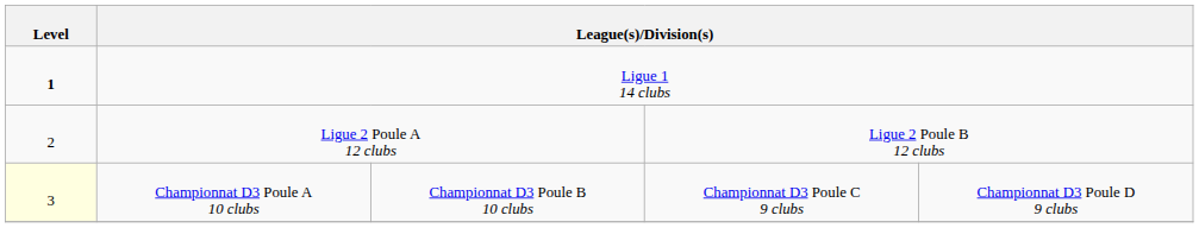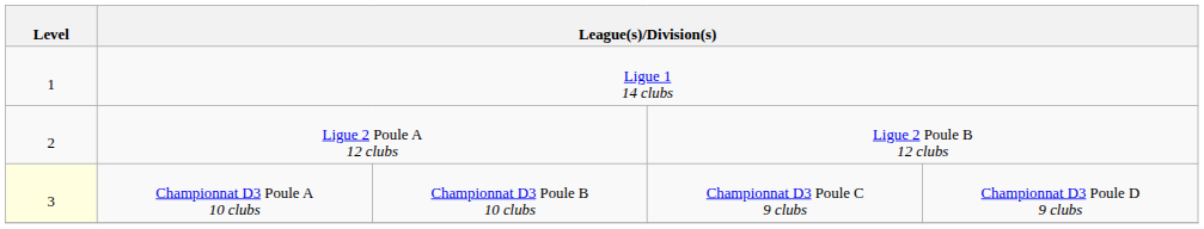 <table class="wikitable" style="text-align: center;">
 <tr>
 <th colspan="1" width="4%"><br>Level</th>
 <th colspan="8" width="96%"><br>League(s)/Division(s)</th>
 </tr>
 <tr>
-<td colspan="1" width="4%"><strong><br>1</strong></td>
+<td colspan="1" width="4%"><br>1</td>
 <td colspan="8" width="96%"><br><a href='#'>Ligue 1</a><br> <em>14 clubs</em></td>
 </tr>
 <tr>
 <td colspan="1" width="4%"><br>2</td>
 <td colspan="2" width="24%"><br><a href='#'>Ligue 2</a> Poule A<br> <em>12 clubs</em></td>
 <td colspan="2" width="24%"><br><a href='#'>Ligue 2</a> Poule B<br> <em>12 clubs</em></td>
 </tr>
 <tr>
 <td colspan="1" width="4%" style="background: lightyellow;"><br>3</td>
 <td colspan="1" width="12%"><br><a href='#'>Championnat D3</a> Poule A<br> <em>10 clubs</em></td>
 <td colspan="1" width="12%"><br><a href='#'>Championnat D3</a> Poule B<br> <em>10 clubs</em></td>
 <td colspan="1" width="12%"><br><a href='#'>Championnat D3</a> Poule C<br> <em>9 clubs</em></td>
 <td colspan="1" width="12%"><br><a href='#'>Championnat D3</a> Poule D<br> <em>9 clubs</em></td>
 </tr>
 <tr>
 </tr>
 </table>
